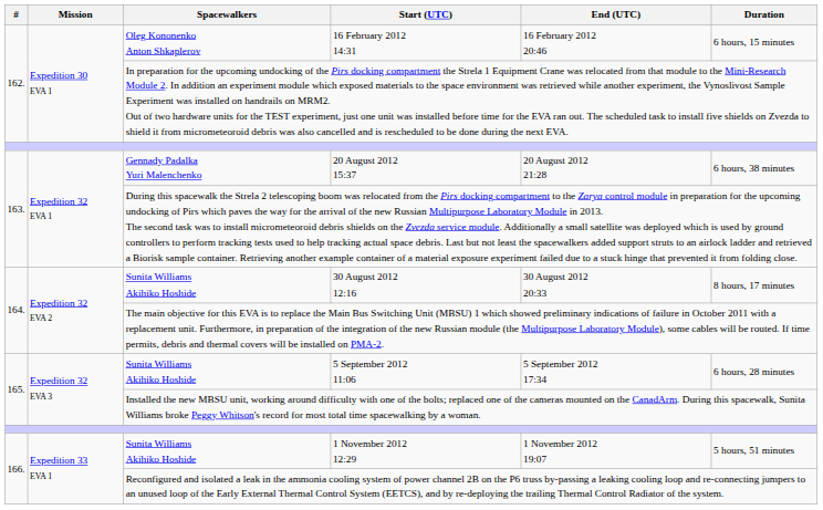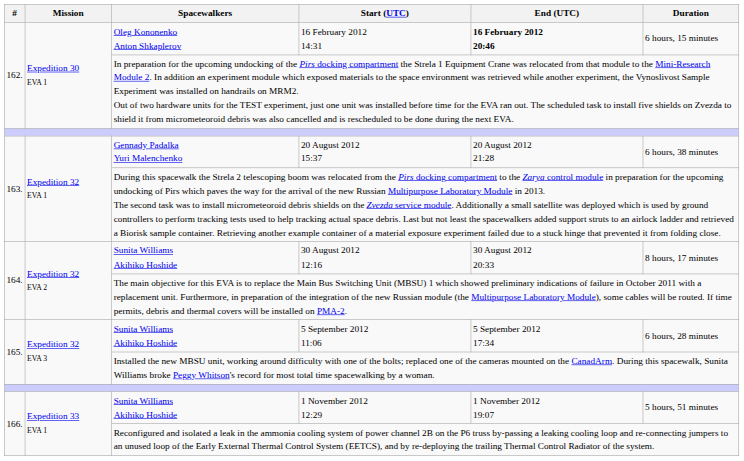 <table class="wikitable sortable sticky-header" style="font-size:0.95em; line-height:1.5em;">
 <tr>
 <th scope="col" width="25">#</th>
 <th scope="col" width="135">Mission</th>
 <th scope="col" width="300">Spacewalkers</th>
 <th scope="col" width="275">Start (<a href='#'>UTC</a>)</th>
 <th scope="col" width="275">End (UTC)</th>
 <th scope="col" width="150">Duration</th>
 </tr>
 <tr>
 <td scope="row" rowspan=2>162.</td>
 <td rowspan=2><a href='#'>Expedition 30</a><br><small>EVA 1</small><br></td>
 <td> <a href='#'>Oleg Kononenko</a><br> <a href='#'>Anton Shkaplerov</a></td>
 <td>16 February 2012<br>14:31</td>
-<td>16 February 2012<br>20:46</td>
+<td><strong>16 February 2012<br>20:46</strong></td>
 <td>6 hours, 15 minutes</td>
 </tr>
 <tr>
 <td colspan=4>In preparation for the upcoming undocking of the <a href='#'><em>Pirs</em> docking compartment</a> the Strela 1 Equipment Crane was relocated from that module to the <a href='#'>Mini-Research Module 2</a>. In addition an experiment module which exposed materials to the space environment was retrieved while another experiment, the Vynoslivost Sample Experiment was installed on handrails on MRM2.<br>Out of two hardware units for the TEST experiment, just one unit was installed before time for the EVA ran out. The scheduled task to install five shields on Zvezda to shield it from micrometeoroid debris was also cancelled and is rescheduled to be done during the next EVA.</td>
 </tr>
 <tr>
 <td colspan=7 bgcolor=#ccccff height="5px"></td>
 </tr>
 <tr>
 <td scope="row" rowspan=2>163.</td>
 <td rowspan=2><a href='#'>Expedition 32</a><br><small>EVA 1</small><br></td>
 <td> <a href='#'>Gennady Padalka</a><br> <a href='#'>Yuri Malenchenko</a></td>
 <td>20 August 2012<br>15:37</td>
 <td>20 August 2012<br>21:28</td>
 <td>6 hours, 38 minutes</td>
 </tr>
 <tr>
 <td colspan=4>During this spacewalk the Strela 2 telescoping boom was relocated from the <a href='#'><em>Pirs</em> docking compartment</a> to the <a href='#'><em>Zarya</em> control module</a> in preparation for the upcoming undocking of Pirs which paves the way for the arrival of the new Russian <a href='#'>Multipurpose Laboratory Module</a> in 2013.<br>The second task was to install micrometeoroid debris shields on the <a href='#'><em>Zvezda</em> service module</a>. Additionally a small satellite was deployed which is used by ground controllers to perform tracking tests used to help tracking actual space debris. Last but not least the spacewalkers added support struts to an airlock ladder and retrieved a Biorisk sample container. Retrieving another example container of a material exposure experiment failed due to a stuck hinge that prevented it from folding close. </td>
 </tr>
 <tr>
 <td scope="row" rowspan=2>164.</td>
 <td rowspan=2><a href='#'>Expedition 32</a><br><small>EVA 2</small></td>
 <td> <a href='#'>Sunita Williams</a><br> <a href='#'>Akihiko Hoshide</a></td>
 <td>30 August 2012<br>12:16</td>
 <td>30 August 2012<br>20:33</td>
 <td>8 hours, 17 minutes</td>
 </tr>
 <tr>
 <td colspan=4>The main objective for this EVA is to replace the Main Bus Switching Unit (MBSU) 1 which showed preliminary indications of failure in October 2011 with a replacement unit. Furthermore, in preparation of the integration of the new Russian module (the <a href='#'>Multipurpose Laboratory Module</a>), some cables will be routed. If time permits, debris and thermal covers will be installed on <a href='#'>PMA-2</a>.<br></td>
 </tr>
 <tr>
 <td rowspan=2>165.</td>
 <td rowspan=2><a href='#'>Expedition 32</a><br><small>EVA 3</small><br></td>
 <td> <a href='#'>Sunita Williams</a><br> <a href='#'>Akihiko Hoshide</a></td>
 <td>5 September 2012<br>11:06</td>
 <td>5 September 2012<br>17:34</td>
 <td>6 hours, 28 minutes</td>
 </tr>
 <tr>
 <td colspan=4>Installed the new MBSU unit, working around difficulty with one of the bolts; replaced one of the cameras mounted on the <a href='#'>CanadArm</a>. During this spacewalk, Sunita Williams broke <a href='#'>Peggy Whitson</a>'s record for most total time spacewalking by a woman.</td>
 </tr>
 <tr>
 <td colspan=7 bgcolor=#ccccff height="5px"></td>
 </tr>
 <tr>
 <td rowspan=2>166.</td>
 <td rowspan=2><a href='#'>Expedition 33</a><br><small>EVA 1</small><br></td>
 <td> <a href='#'>Sunita Williams</a><br> <a href='#'>Akihiko Hoshide</a></td>
 <td>1 November 2012<br>12:29</td>
 <td>1 November 2012<br>19:07</td>
 <td>5 hours, 51 minutes</td>
 </tr>
 <tr>
 <td colspan=4>Reconfigured and isolated a leak in the ammonia cooling system of power channel 2B on the P6 truss by-passing a leaking cooling loop and re-connecting jumpers to an unused loop of the Early External Thermal Control System (EETCS), and by re-deploying the trailing Thermal Control Radiator of the system.</td>
 </tr>
 </table>
